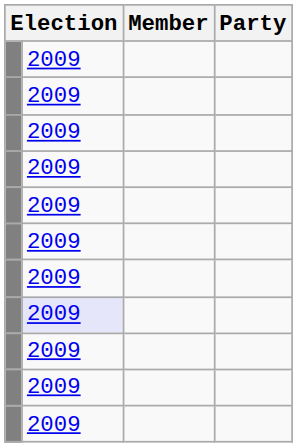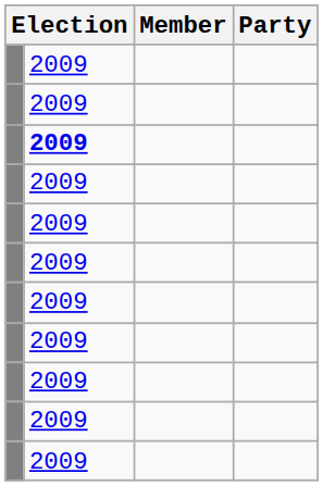 <table class="wikitable">
 <tr>
 <th colspan="2">Election</th>
 <th>Member</th>
 <th>Party</th>
+</tr>
+<tr>
+<td style="background-color: grey"></td>
+<td><a href='#'>2009</a></td>
+<td></td>
+<td></td>
+</tr>
+<tr>
+<td style="background-color: grey"></td>
+<td><a href='#'>2009</a></td>
+<td></td>
+<td></td>
+</tr>
+<tr>
+<td style="background-color: grey"></td>
+<td><strong><a href='#'>2009</a></strong></td>
+<td></td>
+<td></td>
 </tr>
 <tr>
 <td style="background-color: grey"></td>
 <td><a href='#'>2009</a></td>
 <td></td>
 <td></td>
 </tr>
 <tr>
 <td style="background-color: grey"></td>
 <td><a href='#'>2009</a></td>
 <td></td>
 <td></td>
 </tr>
 <tr>
 <td style="background-color: grey"></td>
 <td><a href='#'>2009</a></td>
 <td></td>
 <td></td>
 </tr>
 <tr>
 <td style="background-color: grey"></td>
 <td><a href='#'>2009</a></td>
 <td></td>
 <td></td>
 </tr>
 <tr>
 <td style="background-color: grey"></td>
 <td><a href='#'>2009</a></td>
 <td></td>
 <td></td>
 </tr>
 <tr>
 <td style="background-color: grey"></td>
 <td><a href='#'>2009</a></td>
 <td></td>
 <td></td>
 </tr>
 <tr>
 <td style="background-color: grey"></td>
 <td><a href='#'>2009</a></td>
 <td></td>
 <td></td>
 </tr>
 <tr>
 <td style="background-color: grey"></td>
-<td style="background: lavender;"><a href='#'>2009</a></td>
-<td></td>
-<td></td>
-</tr>
-<tr>
-<td style="background-color: grey"></td>
-<td><a href='#'>2009</a></td>
-<td></td>
-<td></td>
-</tr>
-<tr>
-<td style="background-color: grey"></td>
-<td><a href='#'>2009</a></td>
-<td></td>
-<td></td>
-</tr>
-<tr>
-<td style="background-color: grey"></td>
 <td><a href='#'>2009</a></td>
 <td></td>
 <td></td>
 </tr>
 </table>
